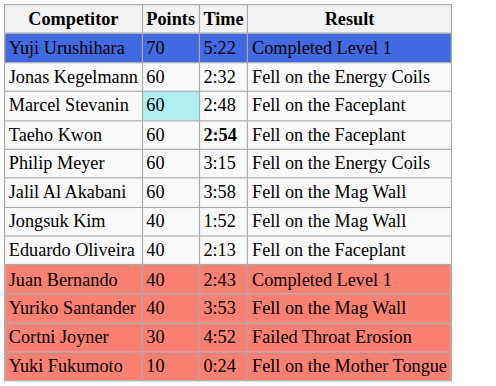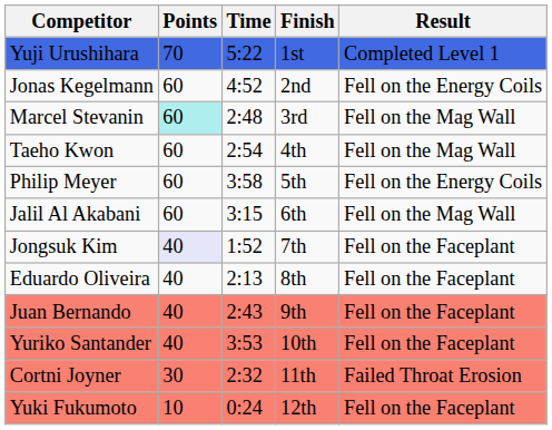 <table class="wikitable sortable">
 <tr>
 <th>Competitor</th>
 <th>Points</th>
 <th>Time</th>
+<th>Finish</th>
 <th>Result</th>
 </tr>
 <tr style="background:royalblue;">
 <td> Yuji Urushihara</td>
 <td>70</td>
 <td>5:22</td>
+<td>1st</td>
 <td>Completed Level 1</td>
 </tr>
 <tr>
 <td> Jonas Kegelmann</td>
 <td>60</td>
-<td>2:32</td>
+<td>4:52</td>
+<td>2nd</td>
 <td>Fell on the Energy Coils</td>
 </tr>
 <tr>
 <td> Marcel Stevanin</td>
 <td style="background: paleturquoise;">60</td>
 <td>2:48</td>
-<td>Fell on the Faceplant</td>
+<td>3rd</td>
+<td>Fell on the Mag Wall</td>
 </tr>
 <tr>
 <td> Taeho Kwon</td>
 <td>60</td>
-<td><strong>2:54</strong></td>
-<td>Fell on the Faceplant</td>
+<td>2:54</td>
+<td>4th</td>
+<td>Fell on the Mag Wall</td>
 </tr>
 <tr>
 <td> Philip Meyer</td>
 <td>60</td>
-<td>3:15</td>
+<td>3:58</td>
+<td>5th</td>
 <td>Fell on the Energy Coils</td>
 </tr>
 <tr>
 <td> Jalil Al Akabani</td>
 <td>60</td>
-<td>3:58</td>
+<td>3:15</td>
+<td>6th</td>
 <td>Fell on the Mag Wall</td>
 </tr>
 <tr>
 <td> Jongsuk Kim</td>
-<td>40</td>
+<td style="background: lavender;">40</td>
 <td>1:52</td>
-<td>Fell on the Mag Wall</td>
+<td>7th</td>
+<td>Fell on the Faceplant</td>
 </tr>
 <tr>
 <td> Eduardo Oliveira</td>
 <td>40</td>
 <td>2:13</td>
+<td>8th</td>
 <td>Fell on the Faceplant</td>
 </tr>
 <tr style="background-color:#fa8072">
 <td> Juan Bernando</td>
 <td>40</td>
 <td>2:43</td>
-<td>Completed Level 1</td>
+<td>9th</td>
+<td>Fell on the Faceplant</td>
 </tr>
 <tr style="background-color:#fa8072">
 <td> Yuriko Santander</td>
 <td>40</td>
 <td>3:53</td>
-<td>Fell on the Mag Wall</td>
+<td>10th</td>
+<td>Fell on the Faceplant</td>
 </tr>
 <tr style="background-color:#fa8072">
 <td> Cortni Joyner</td>
 <td>30</td>
-<td>4:52</td>
+<td>2:32</td>
+<td>11th</td>
 <td>Failed Throat Erosion</td>
 </tr>
 <tr style="background-color:#fa8072">
 <td> Yuki Fukumoto</td>
 <td>10</td>
 <td>0:24</td>
-<td>Fell on the Mother Tongue</td>
+<td>12th</td>
+<td>Fell on the Faceplant</td>
 </tr>
 </table>
